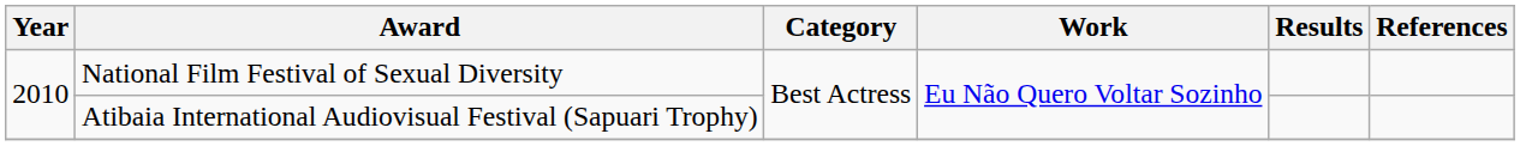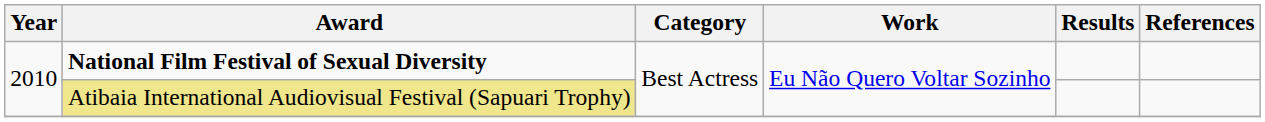 <table class="wikitable">
 <tr>
 <th>Year</th>
 <th>Award</th>
 <th>Category</th>
 <th>Work</th>
 <th>Results</th>
 <th>References</th>
 </tr>
 <tr>
 <td rowspan=2>2010</td>
-<td>National Film Festival of Sexual Diversity</td>
+<td><strong>National Film Festival of Sexual Diversity</strong></td>
 <td rowspan=2>Best Actress</td>
 <td rowspan=2><a href='#'>Eu Não Quero Voltar Sozinho</a></td>
 <td></td>
 <td></td>
 </tr>
 <tr>
-<td>Atibaia International Audiovisual Festival (Sapuari Trophy)</td>
+<td style="background: khaki;">Atibaia International Audiovisual Festival (Sapuari Trophy)</td>
 <td></td>
 <td></td>
 </tr>
 <tr>
 </tr>
 </table>
